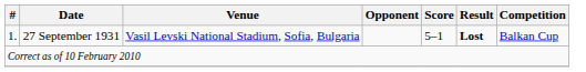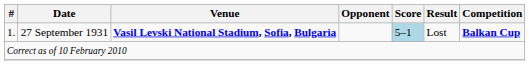 <table class="wikitable" style="font-size:95%;">
 <tr>
 <th>#</th>
 <th>Date</th>
 <th>Venue</th>
 <th>Opponent</th>
 <th>Score</th>
 <th>Result</th>
 <th>Competition</th>
 </tr>
 <tr>
 <td>1.</td>
 <td>27 September 1931</td>
-<td><a href='#'>Vasil Levski National Stadium</a>, <a href='#'>Sofia</a>, <a href='#'>Bulgaria</a></td>
+<td><strong><a href='#'>Vasil Levski National Stadium</a>, <a href='#'>Sofia</a>, <a href='#'>Bulgaria</a></strong></td>
 <td></td>
-<td>5–1</td>
-<td><strong>Lost</strong></td>
-<td><a href='#'>Balkan Cup</a></td>
+<td style="background: lightblue;">5–1</td>
+<td>Lost</td>
+<td><strong><a href='#'>Balkan Cup</a></strong></td>
 </tr>
 <tr>
 <td colspan="12"><small><em>Correct as of 10 February 2010</em> </small></td>
 </tr>
 <tr>
 </tr>
 </table>
